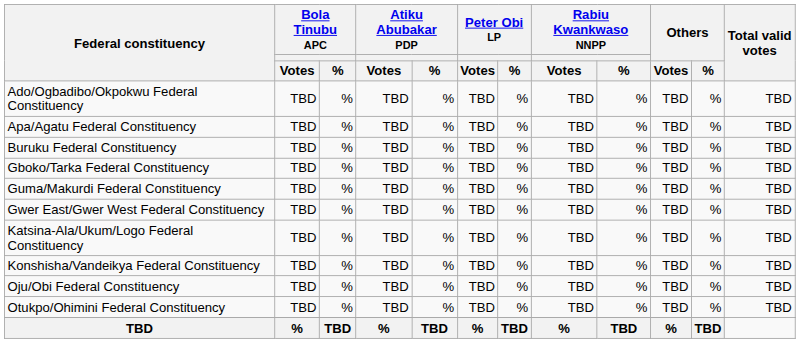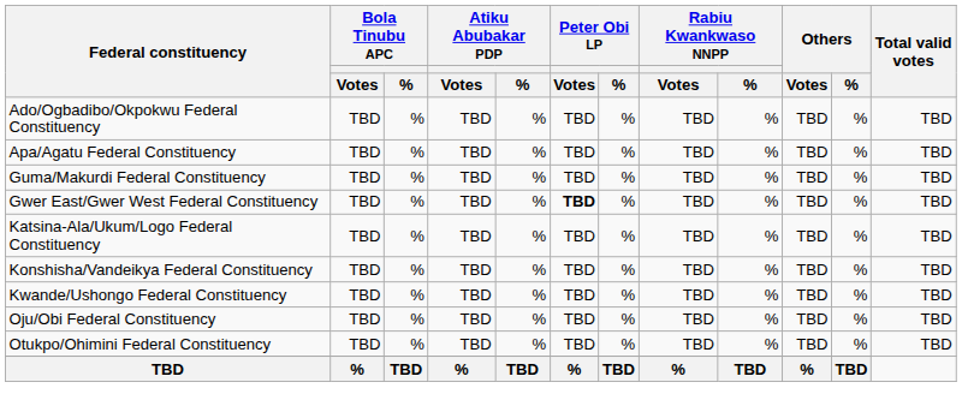 <table class="wikitable sortable" style="text-align:right; font-size:90%">
 <tr>
 <th rowspan="3" style="max-width:7.5em;">Federal constituency</th>
 <th colspan="2"><a href='#'>Bola Tinubu</a><br><small>APC</small></th>
 <th colspan="2"><a href='#'>Atiku Abubakar</a><br><small>PDP</small></th>
 <th colspan="2"><a href='#'>Peter Obi</a><br><small>LP</small></th>
 <th colspan="2"><a href='#'>Rabiu Kwankwaso</a><br><small>NNPP</small></th>
 <th colspan="2" rowspan="2">Others</th>
 <th rowspan="3" style="max-width:5em;">Total valid votes</th>
 </tr>
 <tr>
 <th colspan=2 style="background-color:"></th>
 <th colspan=2 style="background-color:"></th>
 <th colspan=2 style="background-color:"></th>
 <th colspan=2 style="background-color:"></th>
 </tr>
 <tr>
 <th>Votes</th>
 <th>%</th>
 <th>Votes</th>
 <th>%</th>
 <th>Votes</th>
 <th>%</th>
 <th>Votes</th>
 <th>%</th>
 <th>Votes</th>
 <th>%</th>
 </tr>
 <tr style="background-color:#">
 <td style="text-align:left;">Ado/Ogbadibo/Okpokwu Federal Constituency</td>
 <td>TBD</td>
 <td>%</td>
 <td>TBD</td>
 <td>%</td>
 <td>TBD</td>
 <td>%</td>
 <td>TBD</td>
 <td>%</td>
 <td>TBD</td>
 <td>%</td>
 <td>TBD</td>
 </tr>
 <tr style="background-color:#">
 <td style="text-align:left;">Apa/Agatu Federal Constituency</td>
 <td>TBD</td>
 <td>%</td>
 <td>TBD</td>
 <td>%</td>
 <td>TBD</td>
 <td>%</td>
 <td>TBD</td>
 <td>%</td>
 <td>TBD</td>
 <td>%</td>
 <td>TBD</td>
 </tr>
 <tr style="background-color:#">
-<td style="text-align:left;">Buruku Federal Constituency</td>
-<td>TBD</td>
-<td>%</td>
-<td>TBD</td>
-<td>%</td>
-<td>TBD</td>
-<td>%</td>
-<td>TBD</td>
-<td>%</td>
-<td>TBD</td>
-<td>%</td>
-<td>TBD</td>
-</tr>
-<tr style="background-color:#">
-<td style="text-align:left;">Gboko/Tarka Federal Constituency</td>
-<td>TBD</td>
-<td>%</td>
-<td>TBD</td>
-<td>%</td>
-<td>TBD</td>
-<td>%</td>
-<td>TBD</td>
-<td>%</td>
-<td>TBD</td>
-<td>%</td>
-<td>TBD</td>
-</tr>
-<tr style="background-color:#">
 <td style="text-align:left;">Guma/Makurdi Federal Constituency</td>
 <td>TBD</td>
 <td>%</td>
 <td>TBD</td>
 <td>%</td>
 <td>TBD</td>
 <td>%</td>
 <td>TBD</td>
 <td>%</td>
 <td>TBD</td>
 <td>%</td>
 <td>TBD</td>
 </tr>
 <tr style="background-color:#">
 <td style="text-align:left;">Gwer East/Gwer West Federal Constituency</td>
 <td>TBD</td>
 <td>%</td>
 <td>TBD</td>
 <td>%</td>
-<td>TBD</td>
+<td><strong>TBD</strong></td>
 <td>%</td>
 <td>TBD</td>
 <td>%</td>
 <td>TBD</td>
 <td>%</td>
 <td>TBD</td>
 </tr>
 <tr style="background-color:#">
 <td style="text-align:left;">Katsina-Ala/Ukum/Logo Federal Constituency</td>
 <td>TBD</td>
 <td>%</td>
 <td>TBD</td>
 <td>%</td>
 <td>TBD</td>
 <td>%</td>
 <td>TBD</td>
 <td>%</td>
 <td>TBD</td>
 <td>%</td>
 <td>TBD</td>
 </tr>
 <tr style="background-color:#">
 <td style="text-align:left;">Konshisha/Vandeikya Federal Constituency</td>
+<td>TBD</td>
+<td>%</td>
+<td>TBD</td>
+<td>%</td>
+<td>TBD</td>
+<td>%</td>
+<td>TBD</td>
+<td>%</td>
+<td>TBD</td>
+<td>%</td>
+<td>TBD</td>
+</tr>
+<tr style="background-color:#">
+<td style="text-align:left;">Kwande/Ushongo Federal Constituency</td>
 <td>TBD</td>
 <td>%</td>
 <td>TBD</td>
 <td>%</td>
 <td>TBD</td>
 <td>%</td>
 <td>TBD</td>
 <td>%</td>
 <td>TBD</td>
 <td>%</td>
 <td>TBD</td>
 </tr>
 <tr style="background-color:#">
 <td style="text-align:left;">Oju/Obi Federal Constituency</td>
 <td>TBD</td>
 <td>%</td>
 <td>TBD</td>
 <td>%</td>
 <td>TBD</td>
 <td>%</td>
 <td>TBD</td>
 <td>%</td>
 <td>TBD</td>
 <td>%</td>
 <td>TBD</td>
 </tr>
 <tr style="background-color:#">
 <td style="text-align:left;">Otukpo/Ohimini Federal Constituency</td>
 <td>TBD</td>
 <td>%</td>
 <td>TBD</td>
 <td>%</td>
 <td>TBD</td>
 <td>%</td>
 <td>TBD</td>
 <td>%</td>
 <td>TBD</td>
 <td>%</td>
 <td>TBD</td>
 </tr>
 <tr>
 </tr>
 <tr>
 <th>TBD</th>
 <th>%</th>
 <th>TBD</th>
 <th>%</th>
 <th>TBD</th>
 <th>%</th>
 <th>TBD</th>
 <th>%</th>
 <th>TBD</th>
 <th>%</th>
 <th>TBD</th>
 </tr>
 </table>
